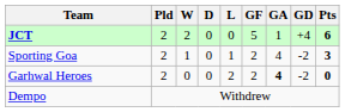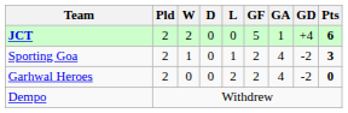 <table class="wikitable" style="text-align: center;">
 <tr>
 <th width="175">Team</th>
 <th width="20">Pld</th>
 <th width="20">W</th>
 <th width="20">D</th>
 <th width="20">L</th>
 <th width="20">GF</th>
 <th width="20">GA</th>
 <th width="20">GD</th>
 <th width="20">Pts</th>
 </tr>
 <tr bgcolor=#ccffcc>
 <td align=left><strong><a href='#'>JCT</a></strong></td>
 <td>2</td>
 <td>2</td>
 <td>0</td>
 <td>0</td>
 <td>5</td>
 <td>1</td>
 <td>+4</td>
 <td><strong>6</strong></td>
 </tr>
 <tr>
 <td align=left><a href='#'>Sporting Goa</a></td>
 <td>2</td>
 <td>1</td>
 <td>0</td>
 <td>1</td>
 <td>2</td>
 <td>4</td>
 <td>-2</td>
 <td><strong>3</strong></td>
 </tr>
 <tr>
 <td align=left><a href='#'>Garhwal Heroes</a></td>
 <td>2</td>
 <td>0</td>
 <td>0</td>
 <td>2</td>
 <td>2</td>
-<td><strong>4</strong></td>
+<td>4</td>
 <td>-2</td>
 <td><strong>0</strong></td>
 </tr>
 <tr>
 <td align=left><a href='#'>Dempo</a></td>
 <td colspan="8" align="center">Withdrew</td>
 </tr>
 </table>
